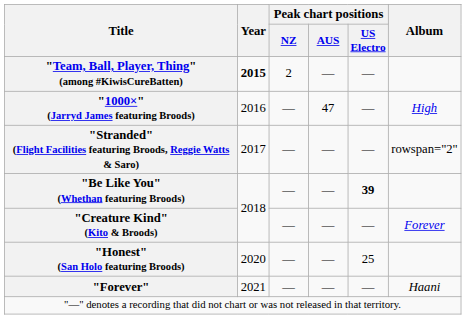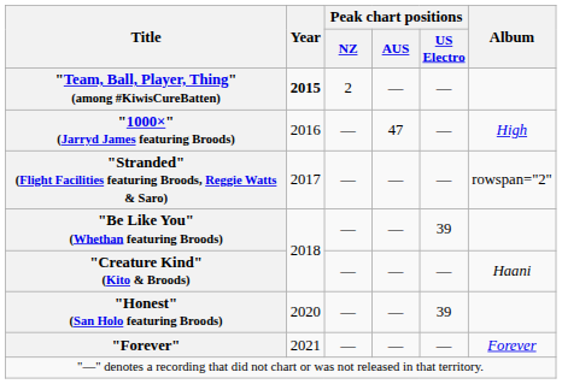 <table class="wikitable plainrowheaders" style="text-align:center;">
 <tr>
 <th rowspan="2" style="width:18em;">Title</th>
 <th rowspan="2">Year</th>
 <th colspan="3">Peak chart positions</th>
 <th rowspan="2">Album</th>
 </tr>
 <tr>
 <th scope="col" style="width:3em;font-size:90%;"><a href='#'>NZ</a><br></th>
 <th scope="col" style="width:3em;font-size:90%;"><a href='#'>AUS</a><br></th>
 <th scope="col" style="width:3em;font-size:90%;"><a href='#'>US<br>Electro</a><br></th>
 </tr>
 <tr>
 <th scope="row">"<a href='#'>Team, Ball, Player, Thing</a>" <br> <small>(among #KiwisCureBatten)</small></th>
 <td><strong>2015</strong></td>
 <td>2</td>
 <td>—</td>
 <td>—</td>
 <td></td>
 </tr>
 <tr>
 <th scope="row">"<a href='#'>1000×</a>" <br> <small>(<a href='#'>Jarryd James</a> featuring Broods)</small></th>
 <td>2016</td>
 <td>—</td>
 <td>47</td>
 <td>—</td>
 <td><em><a href='#'>High</a></em></td>
 </tr>
 <tr>
 <th scope="row">"Stranded"<br><small>(<a href='#'>Flight Facilities</a> featuring Broods, <a href='#'>Reggie Watts</a> & Saro)</small></th>
 <td>2017</td>
 <td>—</td>
 <td>—</td>
 <td>—</td>
 <td>rowspan="2" </td>
 </tr>
 <tr>
 <th scope="row">"Be Like You"<br><small>(<a href='#'>Whethan</a> featuring Broods)</small></th>
 <td rowspan="2">2018</td>
 <td>—</td>
 <td>—</td>
-<td><strong>39</strong></td>
+<td>39</td>
 </tr>
 <tr>
 <th scope="row">"Creature Kind"<br><small>(<a href='#'>Kito</a> & Broods)</small></th>
 <td>—</td>
 <td>—</td>
 <td>—</td>
-<td><em><a href='#'>Forever</a></em></td>
+<td><em>Haani</em></td>
 </tr>
 <tr>
 <th scope="row">"Honest"<br><small>(<a href='#'>San Holo</a> featuring Broods)</small></th>
 <td>2020</td>
 <td>—</td>
 <td>—</td>
-<td>25</td>
+<td>39</td>
 <td></td>
 </tr>
 <tr>
 <th scope="row">"Forever"<br></th>
 <td>2021</td>
 <td>—</td>
 <td>—</td>
 <td>—</td>
-<td><em>Haani</em></td>
+<td><em><a href='#'>Forever</a></em></td>
 </tr>
 <tr>
 <td colspan="12" style="text-align:center; font-size:85%">"—" denotes a recording that did not chart or was not released in that territory.</td>
 </tr>
 </table>
